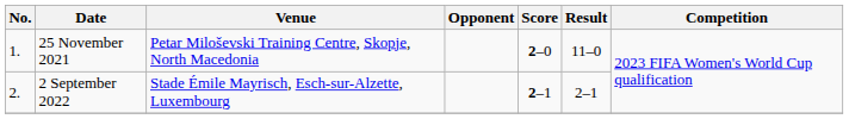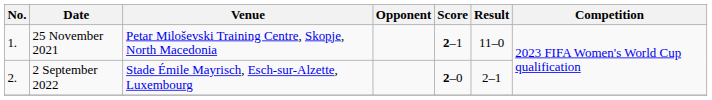 <table class="wikitable">
 <tr>
 <th>No.</th>
 <th>Date</th>
 <th>Venue</th>
 <th>Opponent</th>
 <th>Score</th>
 <th>Result</th>
 <th>Competition</th>
 </tr>
 <tr>
 <td>1.</td>
 <td>25 November 2021</td>
 <td><a href='#'>Petar Miloševski Training Centre</a>, <a href='#'>Skopje</a>, <a href='#'>North Macedonia</a></td>
 <td></td>
-<td align=center><strong>2</strong>–0</td>
+<td align=center><strong>2</strong>–1</td>
 <td align=center>11–0</td>
 <td rowspan=2><a href='#'>2023 FIFA Women's World Cup qualification</a></td>
 </tr>
 <tr>
 <td>2.</td>
 <td>2 September 2022</td>
 <td><a href='#'>Stade Émile Mayrisch</a>, <a href='#'>Esch-sur-Alzette</a>, <a href='#'>Luxembourg</a></td>
 <td></td>
-<td align=center><strong>2</strong>–1</td>
+<td align=center><strong>2</strong>–0</td>
 <td align=center>2–1</td>
 </tr>
 <tr>
 </tr>
 </table>
